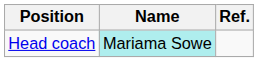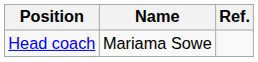 <table class="wikitable">
 <tr>
 <th>Position</th>
 <th>Name</th>
 <th>Ref.</th>
 </tr>
 <tr>
 <td><a href='#'>Head coach</a></td>
-<td style="background: paleturquoise;">  Mariama Sowe</td>
+<td>  Mariama Sowe</td>
 <td></td>
 </tr>
 <tr>
 </tr>
 </table>
